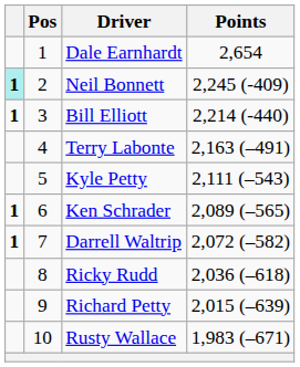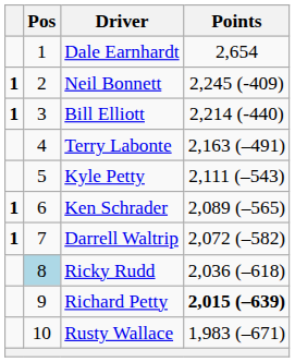 <table class="wikitable" style="font-size: 95%;">
 <tr>
 <th></th>
 <th>Pos</th>
 <th>Driver</th>
 <th>Points</th>
 </tr>
 <tr>
 <td align="left"></td>
 <td style="text-align:center;">1</td>
 <td><a href='#'>Dale Earnhardt</a></td>
 <td style="text-align:center;">2,654</td>
 </tr>
 <tr>
-<td align="left" style="background: paleturquoise;">  <strong>1</strong></td>
+<td align="left">  <strong>1</strong></td>
 <td style="text-align:center;">2</td>
 <td><a href='#'>Neil Bonnett</a></td>
 <td style="text-align:center;">2,245 (-409)</td>
 </tr>
 <tr>
 <td align="left">  <strong>1</strong></td>
 <td style="text-align:center;">3</td>
 <td><a href='#'>Bill Elliott</a></td>
 <td style="text-align:center;">2,214 (-440)</td>
 </tr>
 <tr>
 <td align="left"></td>
 <td style="text-align:center;">4</td>
 <td><a href='#'>Terry Labonte</a></td>
 <td style="text-align:center;">2,163 (–491)</td>
 </tr>
 <tr>
 <td align="left"></td>
 <td style="text-align:center;">5</td>
 <td><a href='#'>Kyle Petty</a></td>
 <td style="text-align:center;">2,111 (–543)</td>
 </tr>
 <tr>
 <td align="left">  <strong>1</strong></td>
 <td style="text-align:center;">6</td>
 <td><a href='#'>Ken Schrader</a></td>
 <td style="text-align:center;">2,089 (–565)</td>
 </tr>
 <tr>
 <td align="left">  <strong>1</strong></td>
 <td style="text-align:center;">7</td>
 <td><a href='#'>Darrell Waltrip</a></td>
 <td style="text-align:center;">2,072 (–582)</td>
 </tr>
 <tr>
 <td align="left"></td>
-<td style="text-align:center;">8</td>
+<td style="background: lightblue; text-align:center;">8</td>
 <td><a href='#'>Ricky Rudd</a></td>
 <td style="text-align:center;">2,036 (–618)</td>
 </tr>
 <tr>
 <td align="left"></td>
 <td style="text-align:center;">9</td>
 <td><a href='#'>Richard Petty</a></td>
-<td style="text-align:center;">2,015 (–639)</td>
+<td style="text-align:center;"><strong>2,015 (–639)</strong></td>
 </tr>
 <tr>
 <td align="left"></td>
 <td style="text-align:center;">10</td>
 <td><a href='#'>Rusty Wallace</a></td>
 <td style="text-align:center;">1,983 (–671)</td>
 </tr>
 <tr class="sortbottom">
 <th colspan="9"></th>
 </tr>
 </table>
